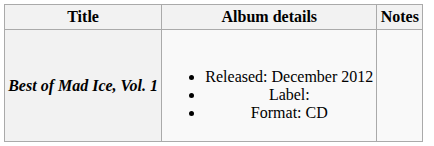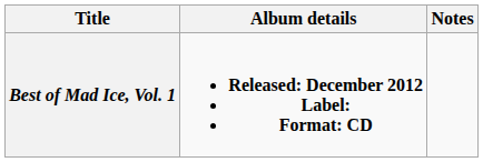 <table class="wikitable plainrowheaders" style="text-align:center;">
 <tr>
 <th scope="col">Title</th>
 <th scope="col">Album details</th>
 <th scope="col">Notes</th>
 </tr>
 <tr>
 <th scope="row"><em>Best of Mad Ice, Vol. 1</em></th>
-<td><br><ul><li>Released: December 2012</li><li>Label:</li><li>Format: CD</li></ul></td>
+<td><strong><br><ul><li>Released: December 2012</li><li>Label:</li><li>Format: CD</li></ul></strong></td>
 <td></td>
 </tr>
 <tr>
 </tr>
 </table>
